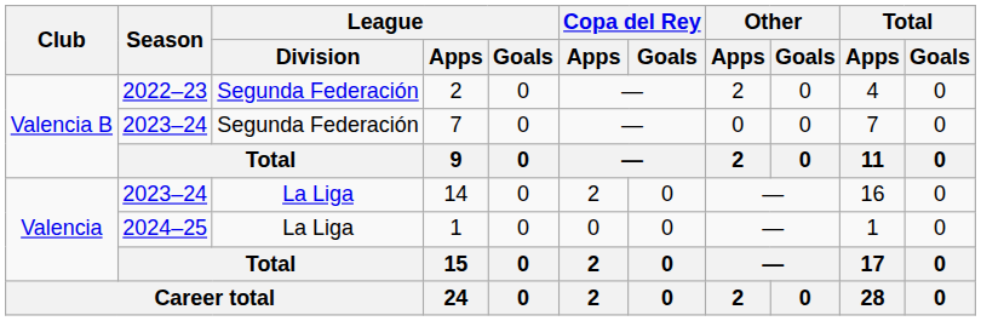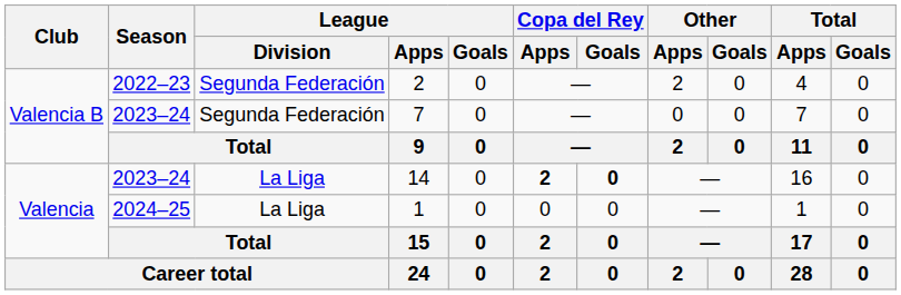 <table class=wikitable style=text-align:center>
 <tr>
 <th rowspan="2">Club</th>
 <th rowspan="2">Season</th>
 <th colspan="3">League</th>
 <th colspan="2"><a href='#'>Copa del Rey</a></th>
 <th colspan="2">Other</th>
 <th colspan="2">Total</th>
 </tr>
 <tr>
 <th>Division</th>
 <th>Apps</th>
 <th>Goals</th>
 <th>Apps</th>
 <th>Goals</th>
 <th>Apps</th>
 <th>Goals</th>
 <th>Apps</th>
 <th>Goals</th>
 </tr>
 <tr>
 <td rowspan="3"><a href='#'>Valencia B</a></td>
 <td><a href='#'>2022–23</a></td>
 <td><a href='#'>Segunda Federación</a></td>
 <td>2</td>
 <td>0</td>
 <td colspan="2">—</td>
 <td>2</td>
 <td>0</td>
 <td>4</td>
 <td>0</td>
 </tr>
 <tr>
 <td><a href='#'>2023–24</a></td>
 <td>Segunda Federación</td>
 <td>7</td>
 <td>0</td>
 <td colspan="2">—</td>
 <td>0</td>
 <td>0</td>
 <td>7</td>
 <td>0</td>
 </tr>
 <tr>
 <th colspan="2">Total</th>
 <th>9</th>
 <th>0</th>
 <th colspan="2">—</th>
 <th>2</th>
 <th>0</th>
 <th>11</th>
 <th>0</th>
 </tr>
 <tr>
 <td rowspan="3"><a href='#'>Valencia</a></td>
 <td><a href='#'>2023–24</a></td>
 <td><a href='#'>La Liga</a></td>
 <td>14</td>
 <td>0</td>
-<td>2</td>
-<td>0</td>
+<td><strong>2</strong></td>
+<td><strong>0</strong></td>
 <td colspan="2">—</td>
 <td>16</td>
 <td>0</td>
 </tr>
 <tr>
 <td><a href='#'>2024–25</a></td>
 <td>La Liga</td>
 <td>1</td>
 <td>0</td>
 <td>0</td>
 <td>0</td>
 <td colspan="2">—</td>
 <td>1</td>
 <td>0</td>
 </tr>
 <tr>
 <th colspan="2">Total</th>
 <th>15</th>
 <th>0</th>
 <th>2</th>
 <th>0</th>
 <th colspan="2">—</th>
 <th>17</th>
 <th>0</th>
 </tr>
 <tr>
 <th colspan="3">Career total</th>
 <th>24</th>
 <th>0</th>
 <th>2</th>
 <th>0</th>
 <th>2</th>
 <th>0</th>
 <th>28</th>
 <th>0</th>
 </tr>
 </table>
